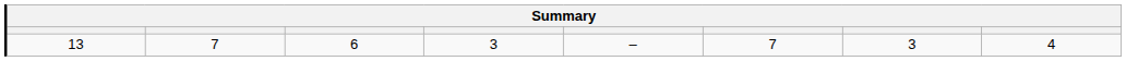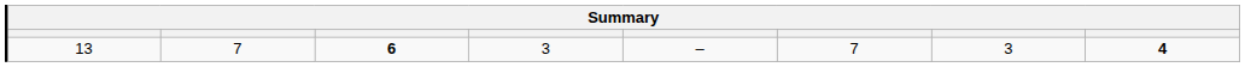 <table class="wikitable" style="width:100%; text-align:center; border-left:#000 3px solid;">
 <tr>
 <th colspan=8>Summary</th>
 </tr>
 <tr>
 <th style="width:12.5%;"></th>
 <th style="width:12.5%;"></th>
 <th style="width:12.5%;"></th>
 <th style="width:12.5%;"></th>
 <th style="width:12.5%;"></th>
 <th style="width:12.5%;"></th>
 <th style="width:12.5%;"></th>
 <th style="width:12.5%;"></th>
 </tr>
 <tr>
 <td>13</td>
 <td>7</td>
-<td>6</td>
+<td><strong>6</strong></td>
 <td>3</td>
 <td>–</td>
 <td>7</td>
 <td>3</td>
-<td>4</td>
+<td><strong>4</strong></td>
 </tr>
 </table>
